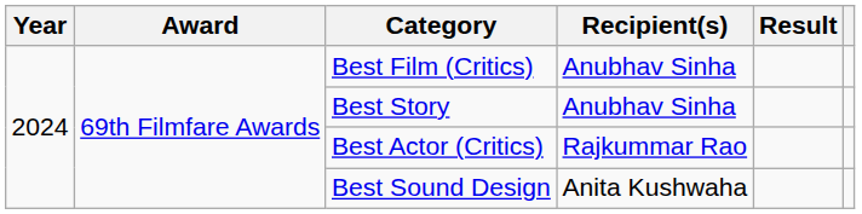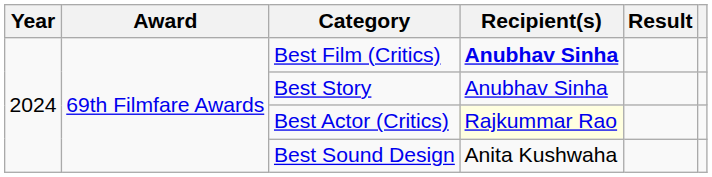 <table class="wikitable sortable"">
 <tr>
 <th>Year</th>
 <th>Award</th>
 <th>Category</th>
 <th>Recipient(s)</th>
 <th>Result</th>
 <th class="unsortable"></th>
 </tr>
 <tr>
 <td rowspan="4">2024</td>
 <td rowspan="4"><a href='#'>69th Filmfare Awards</a></td>
 <td><a href='#'>Best Film (Critics)</a></td>
-<td><a href='#'>Anubhav Sinha</a></td>
+<td><strong><a href='#'>Anubhav Sinha</a></strong></td>
 <td></td>
 </tr>
 <tr>
 <td><a href='#'>Best Story</a></td>
 <td><a href='#'>Anubhav Sinha</a></td>
 <td></td>
 <td></td>
 </tr>
 <tr>
 <td><a href='#'>Best Actor (Critics)</a></td>
-<td><a href='#'>Rajkummar Rao</a></td>
+<td style="background: lightyellow;"><a href='#'>Rajkummar Rao</a></td>
 <td></td>
 <td></td>
 </tr>
 <tr>
 <td><a href='#'>Best Sound Design</a></td>
 <td>Anita Kushwaha</td>
 <td></td>
 </tr>
 </table>
